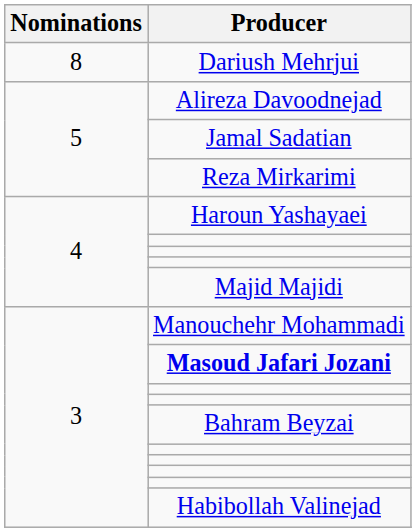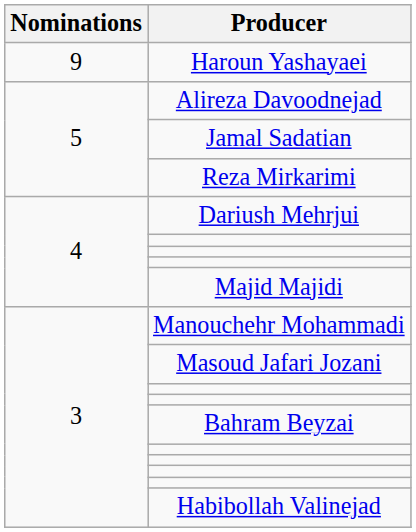 <table class="wikitable" style="text-align:center;">
 <tr>
 <th>Nominations</th>
 <th>Producer</th>
 </tr>
 <tr>
-<td style="text-align:center;">8</td>
-<td><a href='#'>Dariush Mehrjui</a></td>
+<td style="text-align:center;">9</td>
+<td><a href='#'>Haroun Yashayaei</a></td>
 </tr>
 <tr>
 <td rowspan=3 style="text-align:center;">5</td>
 <td><a href='#'>Alireza Davoodnejad</a></td>
 </tr>
 <tr>
 <td><a href='#'>Jamal Sadatian</a></td>
 </tr>
 <tr>
 <td><a href='#'>Reza Mirkarimi</a></td>
 </tr>
 <tr>
 <td rowspan=5 style="text-align:center;">4</td>
-<td><a href='#'>Haroun Yashayaei</a></td>
+<td><a href='#'>Dariush Mehrjui</a></td>
 </tr>
 <tr>
 <td></td>
 </tr>
 <tr>
 <td></td>
 </tr>
 <tr>
 <td></td>
 </tr>
 <tr>
 <td><a href='#'>Majid Majidi</a></td>
 </tr>
 <tr>
 <td rowspan=10 style="text-align:center;">3</td>
 <td><a href='#'>Manouchehr Mohammadi</a></td>
 </tr>
 <tr>
-<td><strong><a href='#'>Masoud Jafari Jozani</a></strong></td>
+<td><a href='#'>Masoud Jafari Jozani</a></td>
 </tr>
 <tr>
 <td></td>
 </tr>
 <tr>
 <td></td>
 </tr>
 <tr>
 <td><a href='#'>Bahram Beyzai</a></td>
 </tr>
 <tr>
 <td></td>
 </tr>
 <tr>
 <td></td>
 </tr>
 <tr>
 <td></td>
 </tr>
 <tr>
 <td></td>
 </tr>
 <tr>
 <td><a href='#'>Habibollah Valinejad</a></td>
 </tr>
 </table>
